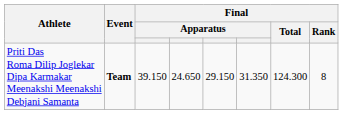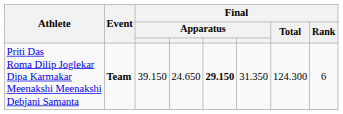 <table class=wikitable style=font-size:90%;text-align:center>
 <tr>
 <th rowspan=3>Athlete</th>
 <th rowspan=3>Event</th>
 <th colspan=6>Final</th>
 </tr>
 <tr style=font-size:95%>
 <th colspan=4>Apparatus</th>
 <th rowspan=2>Total</th>
 <th rowspan=2>Rank</th>
 </tr>
 <tr style=font-size:95%>
 <th></th>
 <th></th>
 <th></th>
 <th></th>
 </tr>
 <tr align=center>
 <td align=left><a href='#'>Priti Das</a><br><a href='#'>Roma Dilip Joglekar</a><br><a href='#'>Dipa Karmakar</a><br><a href='#'>Meenakshi Meenakshi</a><br><a href='#'>Debjani Samanta</a></td>
 <td align=left><strong>Team</strong></td>
 <td>39.150</td>
 <td>24.650</td>
-<td>29.150</td>
+<td><strong>29.150</strong></td>
 <td>31.350</td>
 <td>124.300</td>
-<td>8</td>
+<td>6</td>
 </tr>
 </table>
